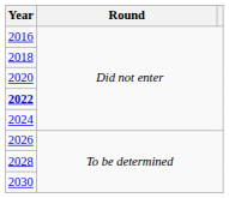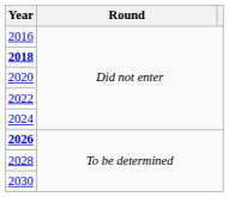 <table class="wikitable" style="text-align: center; font-size:90%">
 <tr>
 <th>Year</th>
 <th style="width:200px">Round</th>
 <th></th>
 </tr>
 <tr>
 <td><a href='#'>2016</a></td>
 <td colspan="2" rowspan="5"><em>Did not enter</em></td>
 </tr>
 <tr>
-<td><a href='#'>2018</a></td>
+<td><strong><a href='#'>2018</a></strong></td>
 </tr>
 <tr>
 <td><a href='#'>2020</a></td>
 </tr>
 <tr>
-<td><strong><a href='#'>2022</a></strong></td>
+<td><a href='#'>2022</a></td>
 </tr>
 <tr>
 <td><a href='#'>2024</a></td>
 </tr>
 <tr>
-<td><a href='#'>2026</a></td>
+<td><strong><a href='#'>2026</a></strong></td>
 <td colspan="2" rowspan="3"><em>To be determined</em></td>
 </tr>
 <tr>
 <td><a href='#'>2028</a></td>
 </tr>
 <tr>
 <td><a href='#'>2030</a></td>
 </tr>
 </table>
